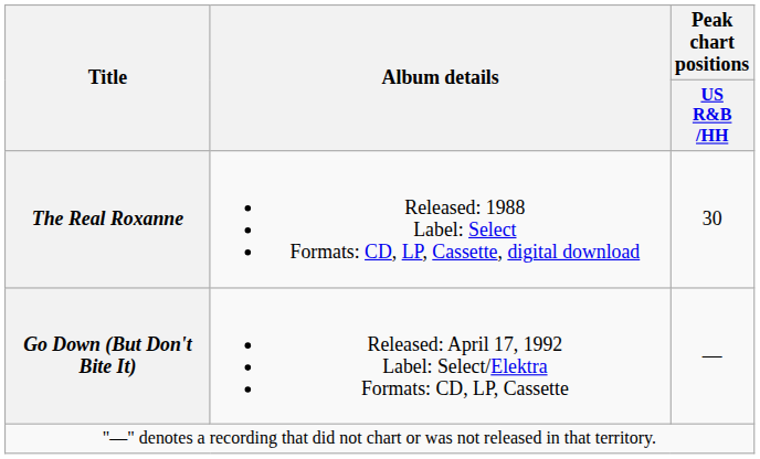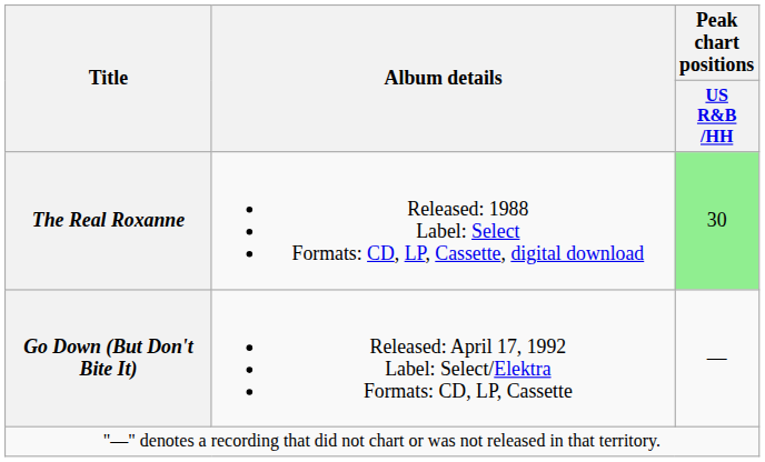 <table class="wikitable plainrowheaders" style="text-align:center;" border="1">
 <tr>
 <th scope="col" rowspan="2" style="width:10em;">Title</th>
 <th scope="col" rowspan="2" style="width:23em;">Album details</th>
 <th scope="col" colspan="1">Peak chart positions</th>
 </tr>
 <tr>
 <th scope="col" style="width:3em;font-size:90%;"><a href='#'>US<br>R&B<br>/HH</a><br></th>
 </tr>
 <tr>
 <th scope="row"><em>The Real Roxanne</em></th>
 <td><br><ul><li>Released: 1988</li><li>Label: <a href='#'>Select</a></li><li>Formats: <a href='#'>CD</a>, <a href='#'>LP</a>, <a href='#'>Cassette</a>, <a href='#'>digital download</a></li></ul></td>
-<td>30</td>
+<td style="background: lightgreen;">30</td>
 </tr>
 <tr>
 <th scope="row"><em>Go Down (But Don't Bite It)</em></th>
 <td><br><ul><li>Released: April 17, 1992</li><li>Label: Select/<a href='#'>Elektra</a></li><li>Formats: CD, LP, Cassette</li></ul></td>
 <td>—</td>
 </tr>
 <tr>
 <td colspan="15" style="font-size:90%">"—" denotes a recording that did not chart or was not released in that territory.</td>
 </tr>
 </table>
